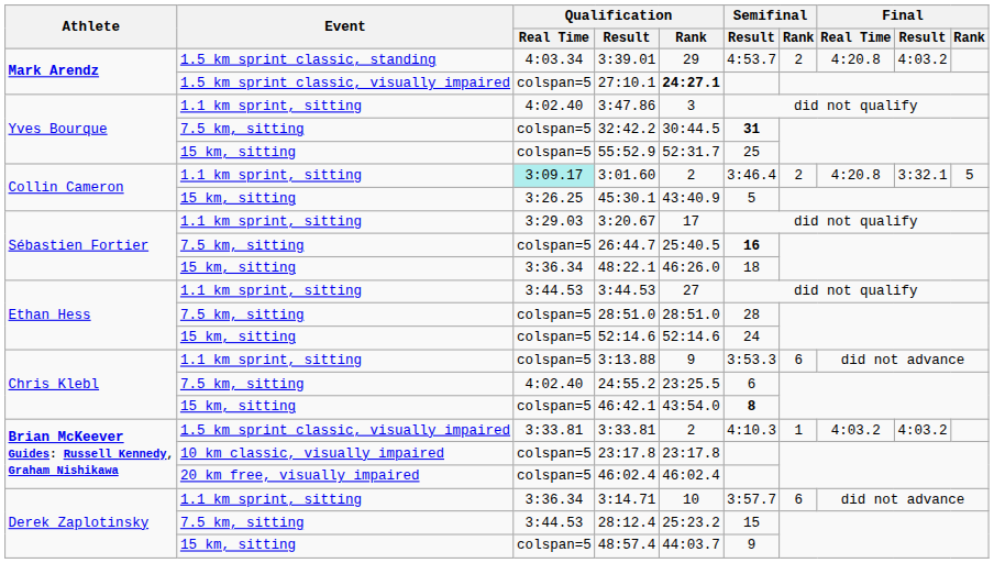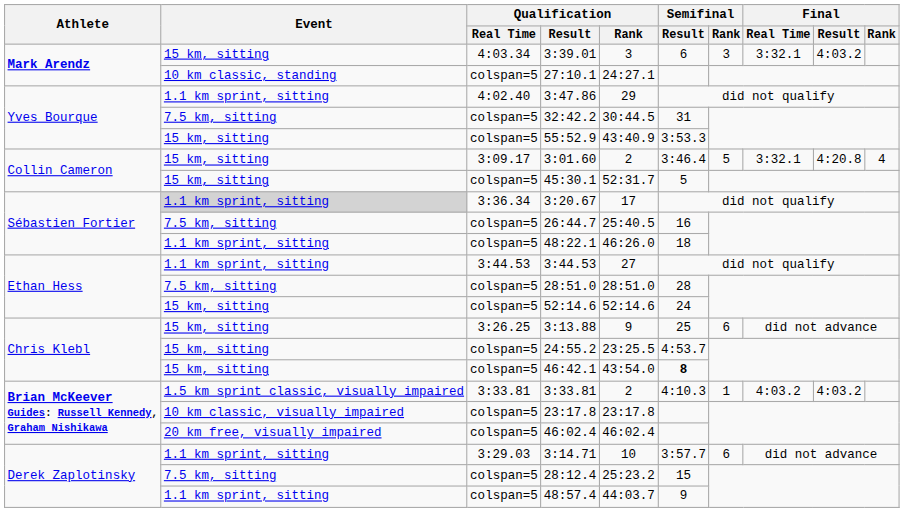 <table class="wikitable" style="font-size:90%">
 <tr>
 <th rowspan=2>Athlete</th>
 <th rowspan=2>Event</th>
 <th colspan=3>Qualification</th>
 <th colspan=2>Semifinal</th>
 <th colspan=3>Final</th>
 </tr>
 <tr style="font-size:95%">
 <th>Real Time</th>
 <th>Result</th>
 <th>Rank</th>
 <th>Result</th>
 <th>Rank</th>
 <th>Real Time</th>
 <th>Result</th>
 <th>Rank</th>
 </tr>
 <tr align=center>
 <td align=left rowspan="2"><strong><a href='#'>Mark Arendz</a></strong></td>
-<td align=left><a href='#'>1.5 km sprint classic, standing</a></td>
+<td align=left><a href='#'>15 km, sitting</a></td>
 <td>4:03.34</td>
 <td>3:39.01</td>
-<td>29</td>
-<td>4:53.7</td>
-<td>2</td>
-<td>4:20.8</td>
+<td>3</td>
+<td>6</td>
+<td>3</td>
+<td>3:32.1</td>
 <td>4:03.2</td>
 <td></td>
 </tr>
 <tr align=center>
-<td align=left><a href='#'>1.5 km sprint classic, visually impaired</a></td>
+<td align=left><a href='#'>10 km classic, standing</a></td>
 <td>colspan=5 </td>
 <td>27:10.1</td>
-<td><strong>24:27.1</strong></td>
+<td>24:27.1</td>
 <td></td>
 </tr>
 <tr align=center>
 <td align=left rowspan=3><a href='#'>Yves Bourque</a></td>
 <td align=left><a href='#'>1.1 km sprint, sitting</a></td>
 <td>4:02.40</td>
 <td>3:47.86</td>
-<td>3</td>
+<td>29</td>
 <td colspan=5>did not qualify</td>
 </tr>
 <tr align=center>
 <td align=left><a href='#'>7.5 km, sitting</a></td>
 <td>colspan=5 </td>
 <td>32:42.2</td>
 <td>30:44.5</td>
-<td><strong>31</strong></td>
+<td>31</td>
 </tr>
 <tr align=center>
 <td align=left><a href='#'>15 km, sitting</a></td>
 <td>colspan=5 </td>
 <td>55:52.9</td>
-<td>52:31.7</td>
-<td>25</td>
+<td>43:40.9</td>
+<td>3:53.3</td>
 </tr>
 <tr align=center>
 <td align=left rowspan=2><a href='#'>Collin Cameron</a></td>
-<td align=left><a href='#'>1.1 km sprint, sitting</a></td>
-<td style="background: paleturquoise;">3:09.17</td>
+<td align=left><a href='#'>15 km, sitting</a></td>
+<td>3:09.17</td>
 <td>3:01.60</td>
 <td>2</td>
 <td>3:46.4</td>
-<td>2</td>
+<td>5</td>
+<td>3:32.1</td>
 <td>4:20.8</td>
-<td>3:32.1</td>
-<td>5</td>
+<td>4</td>
 </tr>
 <tr align=center>
 <td align=left><a href='#'>15 km, sitting</a></td>
-<td>3:26.25</td>
+<td>colspan=5 </td>
 <td>45:30.1</td>
-<td>43:40.9</td>
+<td>52:31.7</td>
 <td>5</td>
 </tr>
 <tr align=center>
 <td align=left rowspan=3><a href='#'>Sébastien Fortier</a></td>
-<td align=left><a href='#'>1.1 km sprint, sitting</a></td>
-<td>3:29.03</td>
+<td align=left style="background: lightgrey;"><a href='#'>1.1 km sprint, sitting</a></td>
+<td>3:36.34</td>
 <td>3:20.67</td>
 <td>17</td>
 <td colspan=5>did not qualify</td>
 </tr>
 <tr align=center>
 <td align=left><a href='#'>7.5 km, sitting</a></td>
 <td>colspan=5 </td>
 <td>26:44.7</td>
 <td>25:40.5</td>
-<td><strong>16</strong></td>
+<td>16</td>
 </tr>
 <tr align=center>
-<td align=left><a href='#'>15 km, sitting</a></td>
-<td>3:36.34</td>
+<td align=left><a href='#'>1.1 km sprint, sitting</a></td>
+<td>colspan=5 </td>
 <td>48:22.1</td>
 <td>46:26.0</td>
 <td>18</td>
 </tr>
 <tr align=center>
 <td align=left rowspan=3><a href='#'>Ethan Hess</a></td>
 <td align=left><a href='#'>1.1 km sprint, sitting</a></td>
 <td>3:44.53</td>
 <td>3:44.53</td>
 <td>27</td>
 <td colspan=5>did not qualify</td>
 </tr>
 <tr align=center>
 <td align=left><a href='#'>7.5 km, sitting</a></td>
 <td>colspan=5 </td>
 <td>28:51.0</td>
 <td>28:51.0</td>
 <td>28</td>
 </tr>
 <tr align=center>
 <td align=left><a href='#'>15 km, sitting</a></td>
 <td>colspan=5 </td>
 <td>52:14.6</td>
 <td>52:14.6</td>
 <td>24</td>
 </tr>
 <tr align=center>
 <td align=left rowspan=3><a href='#'>Chris Klebl</a></td>
-<td align=left><a href='#'>1.1 km sprint, sitting</a></td>
-<td>colspan=5 </td>
+<td align=left><a href='#'>15 km, sitting</a></td>
+<td>3:26.25</td>
 <td>3:13.88</td>
 <td>9</td>
-<td>3:53.3</td>
+<td>25</td>
 <td>6</td>
 <td colspan=3>did not advance</td>
 </tr>
 <tr align=center>
-<td align=left><a href='#'>7.5 km, sitting</a></td>
-<td>4:02.40</td>
+<td align=left><a href='#'>15 km, sitting</a></td>
+<td>colspan=5 </td>
 <td>24:55.2</td>
 <td>23:25.5</td>
-<td>6</td>
+<td>4:53.7</td>
 </tr>
 <tr align=center>
 <td align=left><a href='#'>15 km, sitting</a></td>
 <td>colspan=5 </td>
 <td>46:42.1</td>
 <td>43:54.0</td>
 <td><strong>8</strong></td>
 </tr>
 <tr align=center>
 <td align=left rowspan=3><strong><a href='#'>Brian McKeever</a><br><small><a href='#'>Guides</a>: <a href='#'>Russell Kennedy</a>,<br><a href='#'>Graham Nishikawa</a></small></strong></td>
 <td align=left><a href='#'>1.5 km sprint classic, visually impaired</a></td>
 <td>3:33.81</td>
 <td>3:33.81</td>
 <td>2</td>
 <td>4:10.3</td>
 <td>1</td>
 <td>4:03.2</td>
 <td>4:03.2</td>
 <td></td>
 </tr>
 <tr align=center>
 <td align=left><a href='#'>10 km classic, visually impaired</a></td>
 <td>colspan=5 </td>
 <td>23:17.8</td>
 <td>23:17.8</td>
 <td></td>
 </tr>
 <tr align=center>
 <td align=left><a href='#'>20 km free, visually impaired</a></td>
 <td>colspan=5 </td>
 <td>46:02.4</td>
 <td>46:02.4</td>
 <td></td>
 </tr>
 <tr align=center>
 <td align=left rowspan=3><a href='#'>Derek Zaplotinsky</a></td>
 <td align=left><a href='#'>1.1 km sprint, sitting</a></td>
-<td>3:36.34</td>
+<td>3:29.03</td>
 <td>3:14.71</td>
 <td>10</td>
 <td>3:57.7</td>
 <td>6</td>
 <td colspan=3>did not advance</td>
 </tr>
 <tr align=center>
 <td align=left><a href='#'>7.5 km, sitting</a></td>
-<td>3:44.53</td>
+<td>colspan=5 </td>
 <td>28:12.4</td>
 <td>25:23.2</td>
 <td>15</td>
 </tr>
 <tr align=center>
-<td align=left><a href='#'>15 km, sitting</a></td>
+<td align=left><a href='#'>1.1 km sprint, sitting</a></td>
 <td>colspan=5 </td>
 <td>48:57.4</td>
 <td>44:03.7</td>
 <td>9</td>
 </tr>
 </table>
